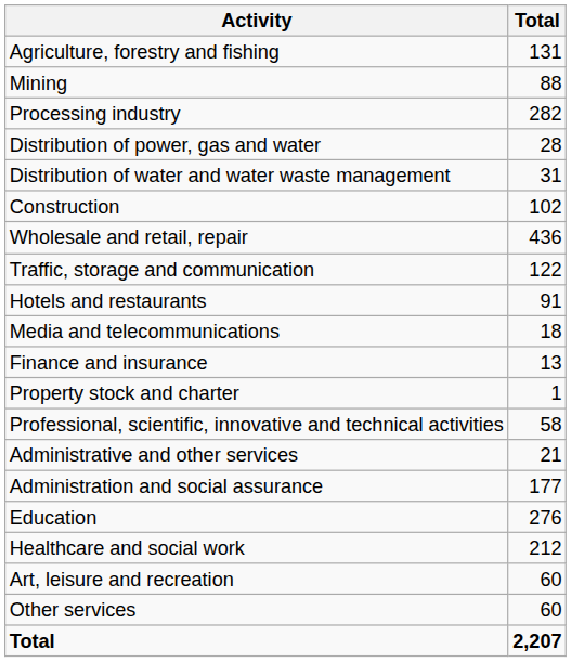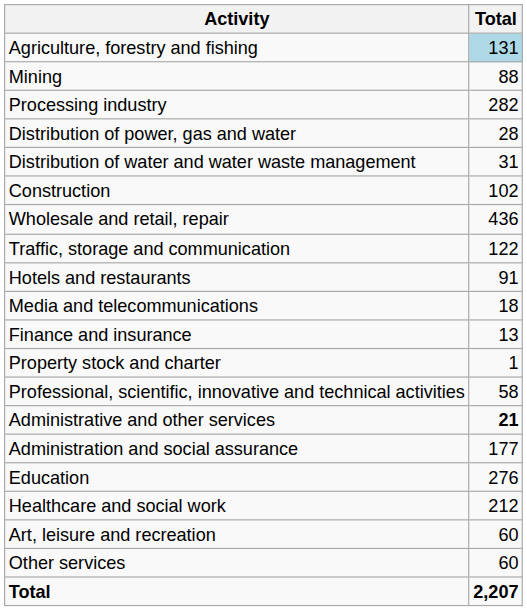 <table class="wikitable sortable" style="font-size:95%;">
 <tr>
 <th>Activity</th>
 <th>Total</th>
 </tr>
 <tr>
 <td>Agriculture, forestry and fishing</td>
-<td align="right">131</td>
+<td align="right" style="background: lightblue;">131</td>
 </tr>
 <tr>
 <td>Mining</td>
 <td align="right">88</td>
 </tr>
 <tr>
 <td>Processing industry</td>
 <td align="right">282</td>
 </tr>
 <tr>
 <td>Distribution of power, gas and water</td>
 <td align="right">28</td>
 </tr>
 <tr>
 <td>Distribution of water and water waste management</td>
 <td align="right">31</td>
 </tr>
 <tr>
 <td>Construction</td>
 <td align="right">102</td>
 </tr>
 <tr>
 <td>Wholesale and retail, repair</td>
 <td align="right">436</td>
 </tr>
 <tr>
 <td>Traffic, storage and communication</td>
 <td align="right">122</td>
 </tr>
 <tr>
 <td>Hotels and restaurants</td>
 <td align="right">91</td>
 </tr>
 <tr>
 <td>Media and telecommunications</td>
 <td align="right">18</td>
 </tr>
 <tr>
 <td>Finance and insurance</td>
 <td align="right">13</td>
 </tr>
 <tr>
 <td>Property stock and charter</td>
 <td align="right">1</td>
 </tr>
 <tr>
 <td>Professional, scientific, innovative and technical activities</td>
 <td align="right">58</td>
 </tr>
 <tr>
 <td>Administrative and other services</td>
-<td align="right">21</td>
+<td align="right"><strong>21</strong></td>
 </tr>
 <tr>
 <td>Administration and social assurance</td>
 <td align="right">177</td>
 </tr>
 <tr>
 <td>Education</td>
 <td align="right">276</td>
 </tr>
 <tr>
 <td>Healthcare and social work</td>
 <td align="right">212</td>
 </tr>
 <tr>
 <td>Art, leisure and recreation</td>
 <td align="right">60</td>
 </tr>
 <tr>
 <td>Other services</td>
 <td align="right">60</td>
 </tr>
 <tr class="sortbottom">
 <td><strong>Total</strong></td>
 <td align="right"><strong>2,207</strong></td>
 </tr>
 </table>
